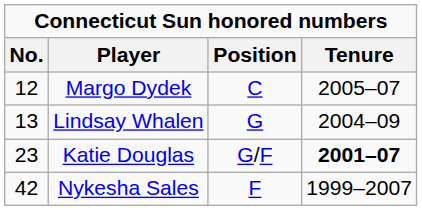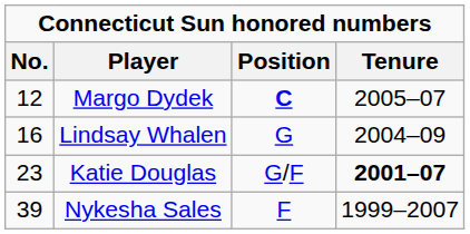 <table class="wikitable" style="text-align:center">
 <tr>
 <td colspan="4"><strong>Connecticut Sun honored numbers</strong></td>
 </tr>
 <tr>
 <th>No.</th>
 <th>Player</th>
 <th>Position</th>
 <th>Tenure</th>
 </tr>
 <tr>
 <td>12</td>
 <td><a href='#'>Margo Dydek</a></td>
-<td><a href='#'>C</a></td>
+<td><strong><a href='#'>C</a></strong></td>
 <td>2005–07</td>
 </tr>
 <tr>
-<td>13</td>
+<td>16</td>
 <td><a href='#'>Lindsay Whalen</a></td>
 <td><a href='#'>G</a></td>
 <td>2004–09</td>
 </tr>
 <tr>
 <td>23</td>
 <td><a href='#'>Katie Douglas</a></td>
 <td><a href='#'>G</a>/<a href='#'>F</a></td>
 <td><strong>2001–07</strong></td>
 </tr>
 <tr>
-<td>42</td>
+<td>39</td>
 <td><a href='#'>Nykesha Sales</a></td>
 <td><a href='#'>F</a></td>
 <td>1999–2007</td>
 </tr>
 </table>
